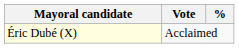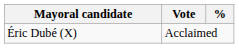 <table class="wikitable">
 <tr>
 <th bgcolor="#DDDDFF" width="200px">Mayoral candidate</th>
 <th bgcolor="#DDDDFF" width="50px">Vote</th>
 <th bgcolor="#DDDDFF"  width="30px">%</th>
 </tr>
 <tr>
-<td style="background: lightyellow;">Éric Dubé (X)</td>
+<td>Éric Dubé (X)</td>
 <td colspan="2">Acclaimed</td>
 </tr>
 </table>
